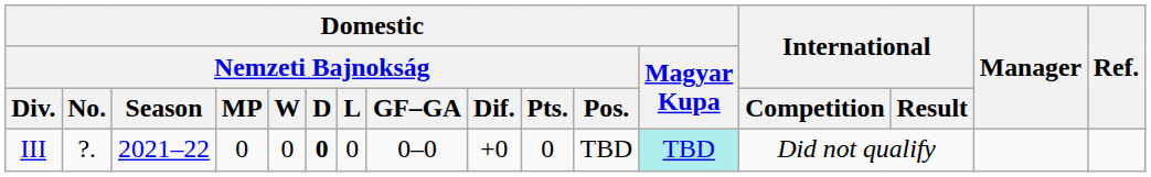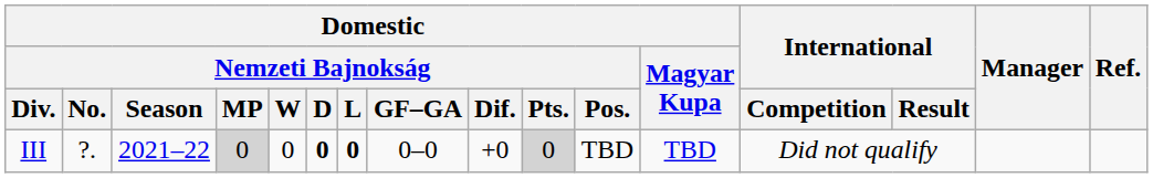 <table class="wikitable"  style="text-align:center">
 <tr>
 <th colspan="12">Domestic</th>
 <th colspan="2" rowspan="2">International</th>
 <th rowspan="3">Manager</th>
 <th rowspan="3">Ref.</th>
 </tr>
 <tr>
 <th colspan="11"><a href='#'>Nemzeti Bajnokság</a></th>
 <th rowspan="2"><a href='#'>Magyar<br>Kupa</a></th>
 </tr>
 <tr>
 <th>Div.</th>
 <th>No.</th>
 <th>Season</th>
 <th>MP</th>
 <th>W</th>
 <th>D</th>
 <th>L</th>
 <th>GF–GA</th>
 <th>Dif.</th>
 <th>Pts.</th>
 <th>Pos.</th>
 <th>Competition</th>
 <th>Result</th>
 </tr>
 <tr>
 <td><a href='#'>III</a></td>
 <td>?.</td>
 <td><a href='#'>2021–22</a></td>
-<td>0</td>
+<td style="background: lightgrey;">0</td>
 <td>0</td>
 <td><strong>0</strong></td>
-<td>0</td>
+<td><strong>0</strong></td>
 <td>0–0</td>
 <td>+0</td>
-<td>0</td>
+<td style="background: lightgrey;">0</td>
 <td>TBD</td>
-<td style="background: paleturquoise;"><a href='#'>TBD</a></td>
+<td><a href='#'>TBD</a></td>
 <td colspan="2" rowspan="1"><em>Did not qualify</em></td>
 <td style="text-align:left"></td>
 <td></td>
 </tr>
 </table>
